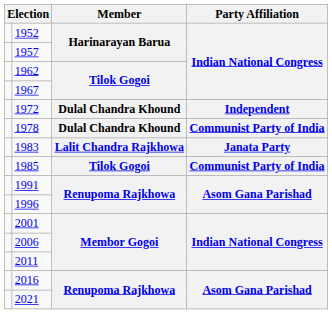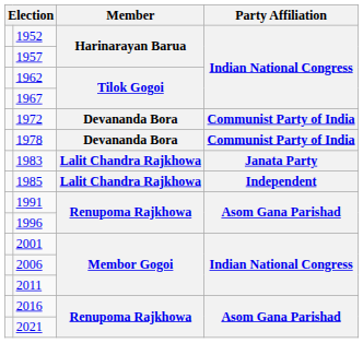 <table class="wikitable sortable">
 <tr>
 <th colspan="2">Election</th>
 <th>Member</th>
 <th>Party Affiliation</th>
 </tr>
 <tr>
 <td style="background-color: "></td>
 <td><a href='#'>1952</a></td>
 <th rowspan="2">Harinarayan Barua</th>
 <th rowspan="4"><a href='#'>Indian National Congress</a></th>
 </tr>
 <tr>
 <td style="background-color: "></td>
 <td><a href='#'>1957</a></td>
 </tr>
 <tr>
 <td style="background-color: "></td>
 <td><a href='#'>1962</a></td>
 <th rowspan="2"><a href='#'>Tilok Gogoi</a></th>
 </tr>
 <tr>
 <td style="background-color: "></td>
 <td><a href='#'>1967</a></td>
 </tr>
 <tr>
 <td style="background-color: "></td>
 <td><a href='#'>1972</a></td>
-<th>Dulal Chandra Khound</th>
-<th><a href='#'>Independent</a></th>
+<th>Devananda Bora</th>
+<th><a href='#'>Communist Party of India</a></th>
 </tr>
 <tr>
 <td style="background-color: "></td>
 <td><a href='#'>1978</a></td>
-<th>Dulal Chandra Khound</th>
+<th>Devananda Bora</th>
 <th><a href='#'>Communist Party of India</a></th>
 </tr>
 <tr>
 <td style="background-color: "></td>
 <td><a href='#'>1983</a></td>
 <th><a href='#'>Lalit Chandra Rajkhowa</a></th>
 <th><a href='#'>Janata Party</a></th>
 </tr>
 <tr>
 <td style="background-color: "></td>
 <td><a href='#'>1985</a></td>
-<th><a href='#'>Tilok Gogoi</a></th>
-<th><a href='#'>Communist Party of India</a></th>
+<th><a href='#'>Lalit Chandra Rajkhowa</a></th>
+<th><a href='#'>Independent</a></th>
 </tr>
 <tr>
 <td style="background-color: "></td>
 <td><a href='#'>1991</a></td>
 <th rowspan="2"><a href='#'>Renupoma Rajkhowa</a></th>
 <th rowspan="2"><a href='#'>Asom Gana Parishad</a></th>
 </tr>
 <tr>
 <td style="background-color: "></td>
 <td><a href='#'>1996</a></td>
 </tr>
 <tr>
 <td style="background-color: "></td>
 <td><a href='#'>2001</a></td>
 <th rowspan="3"><a href='#'>Membor Gogoi</a></th>
 <th rowspan="3"><a href='#'>Indian National Congress</a></th>
 </tr>
 <tr>
 <td style="background-color: "></td>
 <td><a href='#'>2006</a></td>
 </tr>
 <tr>
 <td style="background-color: "></td>
 <td><a href='#'>2011</a></td>
 </tr>
 <tr>
 <td style="background-color: "></td>
 <td><a href='#'>2016</a></td>
 <th rowspan="2"><a href='#'>Renupoma Rajkhowa</a></th>
 <th rowspan="2"><a href='#'>Asom Gana Parishad</a></th>
 </tr>
 <tr>
 <td style="background-color: "></td>
 <td><a href='#'>2021</a></td>
 </tr>
 </table>
